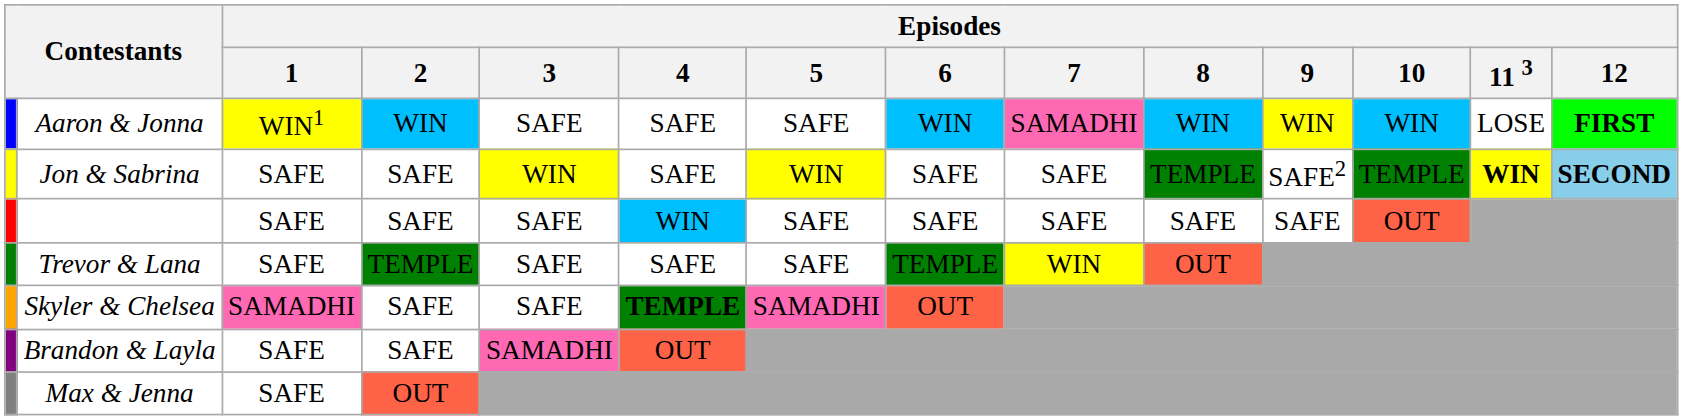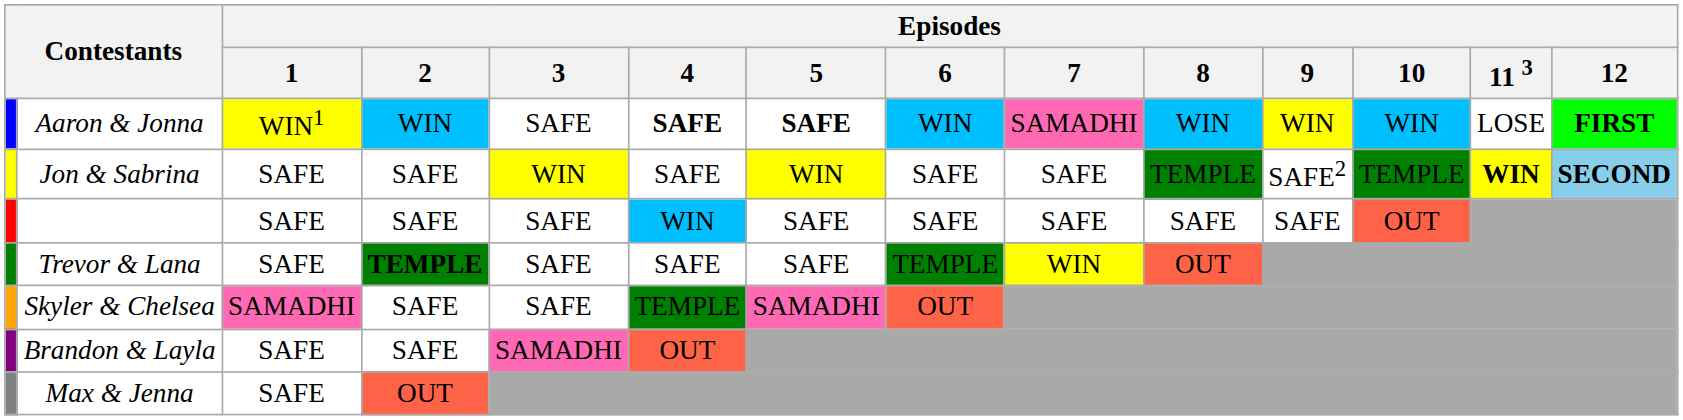 <table class="wikitable" style="text-align:center; background:white">
 <tr>
 <th colspan=2 rowspan=2>Contestants</th>
 <th colspan=13>Episodes</th>
 </tr>
 <tr>
 <th>1</th>
 <th>2</th>
 <th>3</th>
 <th>4</th>
 <th>5</th>
 <th>6</th>
 <th>7</th>
 <th>8</th>
 <th>9</th>
 <th>10</th>
 <th>11 <sup>3</sup></th>
 <th>12</th>
 </tr>
 <tr>
 <td style="background:blue;"></td>
 <td><em>Aaron & Jonna</em></td>
 <td style="background:yellow;">WIN<sup>1</sup></td>
 <td style="background:deepskyblue;">WIN</td>
 <td>SAFE</td>
-<td>SAFE</td>
-<td>SAFE</td>
+<td><strong>SAFE</strong></td>
+<td><strong>SAFE</strong></td>
 <td style="background:deepskyblue;">WIN</td>
 <td style="background:hotpink;">SAMADHI</td>
 <td style="background:deepskyblue;">WIN</td>
 <td style="background:yellow;">WIN</td>
 <td style="background:deepskyblue;">WIN</td>
 <td>LOSE</td>
 <td style="background:lime;"><strong>FIRST</strong></td>
 </tr>
 <tr>
 <td style="background:yellow;"></td>
 <td><em>Jon & Sabrina</em></td>
 <td>SAFE</td>
 <td>SAFE</td>
 <td style="background:yellow;">WIN</td>
 <td>SAFE</td>
 <td style="background:yellow;">WIN</td>
 <td>SAFE</td>
 <td>SAFE</td>
 <td style="background:green;"><span>TEMPLE</span></td>
 <td>SAFE<sup>2</sup></td>
 <td style="background:green;"><span>TEMPLE</span></td>
 <td style="background:yellow;"><strong>WIN</strong></td>
 <td style="background:skyblue;"><strong>SECOND</strong></td>
 </tr>
 <tr>
 <td style="background:red;"></td>
 <td></td>
 <td>SAFE</td>
 <td>SAFE</td>
 <td>SAFE</td>
 <td style="background:deepskyblue;">WIN</td>
 <td>SAFE</td>
 <td>SAFE</td>
 <td>SAFE</td>
 <td>SAFE</td>
 <td>SAFE</td>
 <td style="background:tomato;">OUT</td>
 <td style="background:darkgrey;" colspan="2"></td>
 </tr>
 <tr>
 <td style="background:green;"></td>
 <td><em>Trevor & Lana</em></td>
 <td>SAFE</td>
-<td style="background:green;"><span>TEMPLE</span></td>
+<td style="background:green;"><strong><span>TEMPLE</span></strong></td>
 <td>SAFE</td>
 <td>SAFE</td>
 <td>SAFE</td>
 <td style="background:green;"><span>TEMPLE</span></td>
 <td style="background:yellow;">WIN</td>
 <td style="background:tomato;">OUT</td>
 <td style="background:darkgrey;" colspan="4"></td>
 </tr>
 <tr>
 <td style="background:orange;"></td>
 <td><em>Skyler & Chelsea</em></td>
 <td style="background:hotpink;">SAMADHI</td>
 <td>SAFE</td>
 <td>SAFE</td>
-<td style="background:green;"><strong><span>TEMPLE</span></strong></td>
+<td style="background:green;"><span>TEMPLE</span></td>
 <td style="background:hotpink;">SAMADHI</td>
 <td style="background:tomato;">OUT</td>
 <td style="background:darkgrey;" colspan="6"></td>
 </tr>
 <tr>
 <td style="background:purple;"></td>
 <td><em>Brandon & Layla</em></td>
 <td>SAFE</td>
 <td>SAFE</td>
 <td style="background:hotpink;">SAMADHI</td>
 <td style="background:tomato;">OUT</td>
 <td style="background:darkgrey;" colspan="8"></td>
 </tr>
 <tr>
 <td style="background:gray;"></td>
 <td><em>Max & Jenna</em></td>
 <td>SAFE</td>
 <td style="background:tomato;">OUT</td>
 <td style="background:darkgrey;" colspan="10"></td>
 </tr>
 </table>
